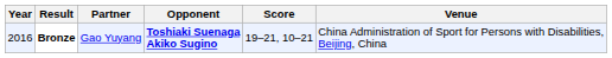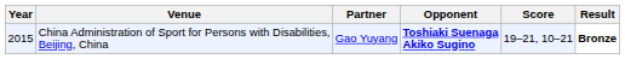 <table class="sortable wikitable" style="font-size: 90%;">
 <tr>
 <th>Year</th>
-<th>Result</th>
+<th>Venue</th>
 <th>Partner</th>
 <th>Opponent</th>
 <th>Score</th>
-<th>Venue</th>
+<th>Result</th>
 </tr>
 <tr style="background:#ECF2FF">
-<td align="center">2016</td>
-<td style="text-align:left; background:white"> <strong>Bronze</strong></td>
+<td align="center">2015</td>
+<td align="left">China Administration of Sport for Persons with Disabilities,<br><a href='#'>Beijing</a>, China</td>
 <td align="left"> <a href='#'>Gao Yuyang</a></td>
 <td align="left"><strong> <a href='#'>Toshiaki Suenaga</a><br> <a href='#'>Akiko Sugino</a></strong></td>
 <td align="left">19–21, 10–21</td>
-<td align="left">China Administration of Sport for Persons with Disabilities,<br><a href='#'>Beijing</a>, China</td>
+<td style="text-align:left; background:white"> <strong>Bronze</strong></td>
 </tr>
 </table>
